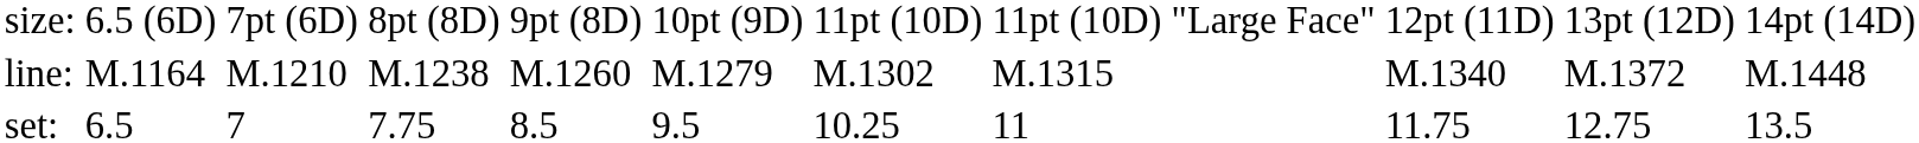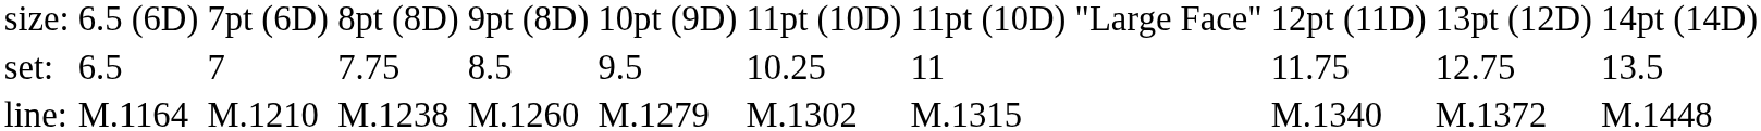 <table style="margin-left:40px;">
 <tr>
 <td>size:</td>
 <td>6.5 (6D)</td>
 <td>7pt (6D)</td>
 <td>8pt (8D)</td>
 <td>9pt (8D)</td>
 <td>10pt (9D)</td>
 <td>11pt (10D)</td>
 <td>11pt (10D) "Large Face"</td>
 <td>12pt (11D)</td>
 <td>13pt (12D)</td>
 <td>14pt (14D)</td>
 </tr>
 <tr>
+<td>set:</td>
+<td>6.5</td>
+<td>7</td>
+<td>7.75</td>
+<td>8.5</td>
+<td>9.5</td>
+<td>10.25</td>
+<td>11</td>
+<td>11.75</td>
+<td>12.75</td>
+<td>13.5</td>
+</tr>
+<tr>
 <td>line:</td>
 <td>M.1164</td>
 <td>M.1210</td>
 <td>M.1238</td>
 <td>M.1260</td>
 <td>M.1279</td>
 <td>M.1302</td>
 <td>M.1315</td>
 <td>M.1340</td>
 <td>M.1372</td>
 <td>M.1448</td>
 </tr>
-<tr>
-<td>set:</td>
-<td>6.5</td>
-<td>7</td>
-<td>7.75</td>
-<td>8.5</td>
-<td>9.5</td>
-<td>10.25</td>
-<td>11</td>
-<td>11.75</td>
-<td>12.75</td>
-<td>13.5</td>
-</tr>
 </table>
